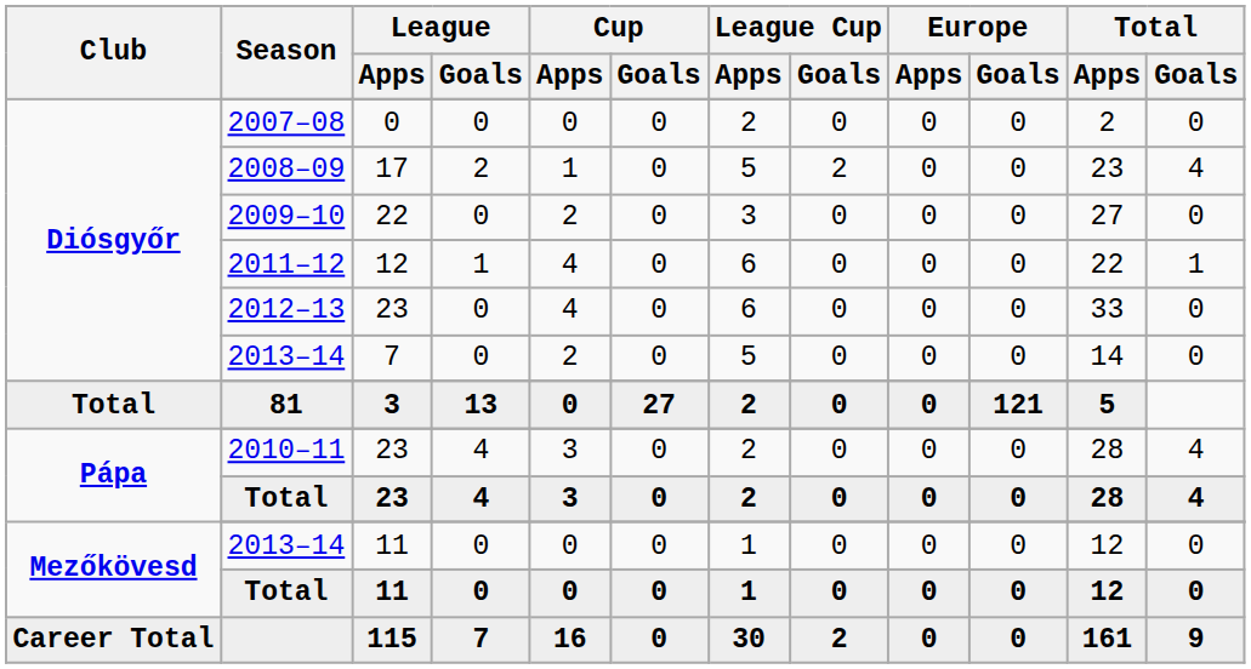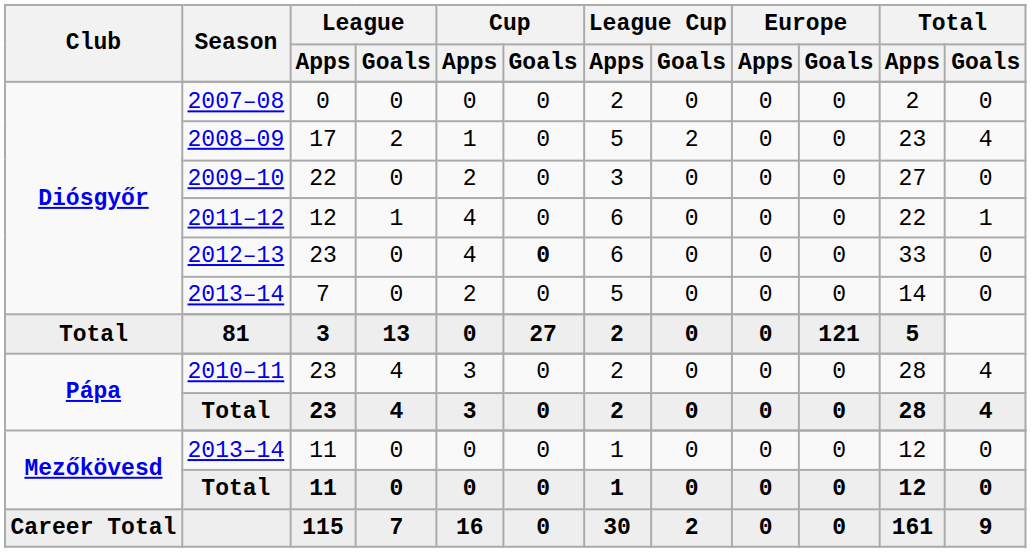 <table class="wikitable" style="font-size:90%; text-align: center;">
 <tr>
 <th rowspan="2">Club</th>
 <th rowspan="2">Season</th>
 <th colspan="2">League</th>
 <th colspan="2">Cup</th>
 <th colspan="2">League Cup</th>
 <th colspan="2">Europe</th>
 <th colspan="2">Total</th>
 </tr>
 <tr>
 <th>Apps</th>
 <th>Goals</th>
 <th>Apps</th>
 <th>Goals</th>
 <th>Apps</th>
 <th>Goals</th>
 <th>Apps</th>
 <th>Goals</th>
 <th>Apps</th>
 <th>Goals</th>
 </tr>
 <tr ||-||-||-|->
 <td rowspan="8" valign="center"><strong><a href='#'>Diósgyőr</a></strong></td>
 </tr>
 <tr>
 <td><a href='#'>2007–08</a></td>
 <td>0</td>
 <td>0</td>
 <td>0</td>
 <td>0</td>
 <td>2</td>
 <td>0</td>
 <td>0</td>
 <td>0</td>
 <td>2</td>
 <td>0</td>
 </tr>
 <tr>
 <td><a href='#'>2008–09</a></td>
 <td>17</td>
 <td>2</td>
 <td>1</td>
 <td>0</td>
 <td>5</td>
 <td>2</td>
 <td>0</td>
 <td>0</td>
 <td>23</td>
 <td>4</td>
 </tr>
 <tr>
 <td><a href='#'>2009–10</a></td>
 <td>22</td>
 <td>0</td>
 <td>2</td>
 <td>0</td>
 <td>3</td>
 <td>0</td>
 <td>0</td>
 <td>0</td>
 <td>27</td>
 <td>0</td>
 </tr>
 <tr>
 <td><a href='#'>2011–12</a></td>
 <td>12</td>
 <td>1</td>
 <td>4</td>
 <td>0</td>
 <td>6</td>
 <td>0</td>
 <td>0</td>
 <td>0</td>
 <td>22</td>
 <td>1</td>
 </tr>
 <tr>
 <td><a href='#'>2012–13</a></td>
 <td>23</td>
 <td>0</td>
 <td>4</td>
-<td>0</td>
+<td><strong>0</strong></td>
 <td>6</td>
 <td>0</td>
 <td>0</td>
 <td>0</td>
 <td>33</td>
 <td>0</td>
 </tr>
 <tr>
 <td><a href='#'>2013–14</a></td>
 <td>7</td>
 <td>0</td>
 <td>2</td>
 <td>0</td>
 <td>5</td>
 <td>0</td>
 <td>0</td>
 <td>0</td>
 <td>14</td>
 <td>0</td>
 </tr>
 <tr>
 </tr>
 <tr style="font-weight:bold; background-color:#eeeeee;">
 <td>Total</td>
 <td>81</td>
 <td>3</td>
 <td>13</td>
 <td>0</td>
 <td>27</td>
 <td>2</td>
 <td>0</td>
 <td>0</td>
 <td>121</td>
 <td>5</td>
 </tr>
 <tr>
 <td rowspan="3" valign="center"><strong><a href='#'>Pápa</a></strong></td>
 </tr>
 <tr>
 <td><a href='#'>2010–11</a></td>
 <td>23</td>
 <td>4</td>
 <td>3</td>
 <td>0</td>
 <td>2</td>
 <td>0</td>
 <td>0</td>
 <td>0</td>
 <td>28</td>
 <td>4</td>
 </tr>
 <tr style="font-weight:bold; background-color:#eeeeee;">
 <td>Total</td>
 <td>23</td>
 <td>4</td>
 <td>3</td>
 <td>0</td>
 <td>2</td>
 <td>0</td>
 <td>0</td>
 <td>0</td>
 <td>28</td>
 <td>4</td>
 </tr>
 <tr>
 <td rowspan="3" valign="center"><strong><a href='#'>Mezőkövesd</a></strong></td>
 </tr>
 <tr>
 <td><a href='#'>2013–14</a></td>
 <td>11</td>
 <td>0</td>
 <td>0</td>
 <td>0</td>
 <td>1</td>
 <td>0</td>
 <td>0</td>
 <td>0</td>
 <td>12</td>
 <td>0</td>
 </tr>
 <tr style="font-weight:bold; background-color:#eeeeee;">
 <td>Total</td>
 <td>11</td>
 <td>0</td>
 <td>0</td>
 <td>0</td>
 <td>1</td>
 <td>0</td>
 <td>0</td>
 <td>0</td>
 <td>12</td>
 <td>0</td>
 </tr>
 <tr style="font-weight:bold; background-color:#eeeeee;">
 <td rowspan="2" valign="top"><strong>Career Total</strong></td>
 <td></td>
 <td><strong>115</strong></td>
 <td><strong>7</strong></td>
 <td><strong>16</strong></td>
 <td><strong>0</strong></td>
 <td><strong>30</strong></td>
 <td><strong>2</strong></td>
 <td><strong>0</strong></td>
 <td><strong>0</strong></td>
 <td><strong>161</strong></td>
 <td><strong>9</strong></td>
 </tr>
 </table>
